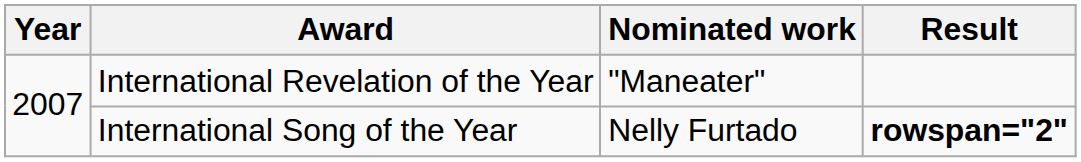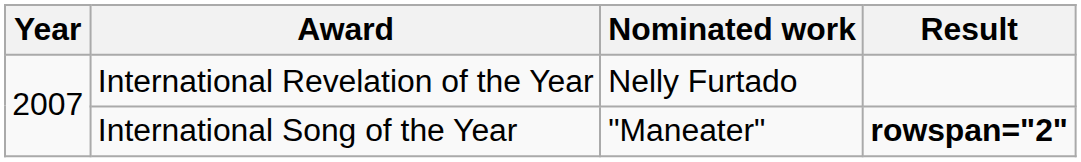 <table class="wikitable">
 <tr>
 <th>Year</th>
 <th>Award</th>
 <th>Nominated work</th>
 <th>Result</th>
 </tr>
 <tr>
 <td rowspan="2">2007</td>
 <td>International Revelation of the Year</td>
-<td>"Maneater"</td>
+<td>Nelly Furtado</td>
 <td></td>
 </tr>
 <tr>
 <td>International Song of the Year</td>
-<td>Nelly Furtado</td>
+<td>"Maneater"</td>
 <td><strong>rowspan="2" </strong></td>
 </tr>
 </table>
